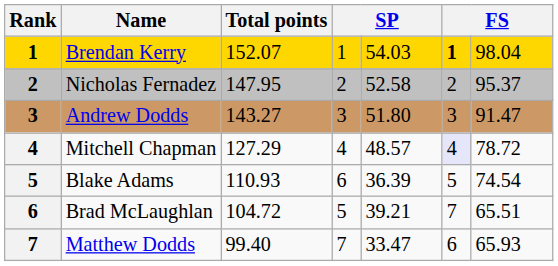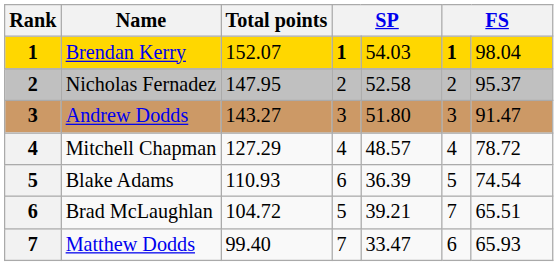 <table class="wikitable sortable">
 <tr>
 <th>Rank</th>
 <th>Name</th>
 <th>Total points</th>
 <th colspan="2" width="80px"><a href='#'>SP</a></th>
 <th colspan="2" width="80px"><a href='#'>FS</a></th>
 </tr>
 <tr bgcolor="gold">
 <td align="center"><strong>1</strong></td>
 <td><a href='#'>Brendan Kerry</a></td>
 <td>152.07</td>
-<td>1</td>
+<td><strong>1</strong></td>
 <td>54.03</td>
 <td><strong>1</strong></td>
 <td>98.04</td>
 </tr>
 <tr bgcolor="silver">
 <td align="center"><strong>2</strong></td>
 <td>Nicholas Fernadez</td>
 <td>147.95</td>
 <td>2</td>
 <td>52.58</td>
 <td>2</td>
 <td>95.37</td>
 </tr>
 <tr bgcolor="cc9966">
 <td align="center"><strong>3</strong></td>
 <td><a href='#'>Andrew Dodds</a></td>
 <td>143.27</td>
 <td>3</td>
 <td>51.80</td>
 <td>3</td>
 <td>91.47</td>
 </tr>
 <tr>
 <th>4</th>
 <td>Mitchell Chapman</td>
 <td>127.29</td>
 <td>4</td>
 <td>48.57</td>
-<td style="background: lavender;">4</td>
+<td>4</td>
 <td>78.72</td>
 </tr>
 <tr>
 <th>5</th>
 <td>Blake Adams</td>
 <td>110.93</td>
 <td>6</td>
 <td>36.39</td>
 <td>5</td>
 <td>74.54</td>
 </tr>
 <tr>
 <th>6</th>
 <td>Brad McLaughlan</td>
 <td>104.72</td>
 <td>5</td>
 <td>39.21</td>
 <td>7</td>
 <td>65.51</td>
 </tr>
 <tr>
 <th>7</th>
 <td><a href='#'>Matthew Dodds</a></td>
 <td>99.40</td>
 <td>7</td>
 <td>33.47</td>
 <td>6</td>
 <td>65.93</td>
 </tr>
 </table>
